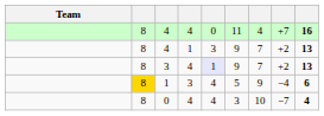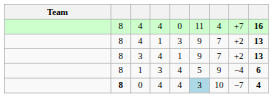 <table class="wikitable" style="text-align: center; font-size: 90%;">
 <tr>
 <th width=165>Team</th>
 <th width=25></th>
 <th width=25></th>
 <th width=25></th>
 <th width=25></th>
 <th width=25></th>
 <th width=25></th>
 <th width=25></th>
 <th width=25></th>
 </tr>
 <tr style="background:#cfc;">
 <td align=left></td>
 <td>8</td>
 <td>4</td>
 <td>4</td>
 <td>0</td>
 <td>11</td>
 <td>4</td>
 <td>+7</td>
 <td><strong>16</strong></td>
 </tr>
 <tr>
 <td align=left></td>
 <td>8</td>
 <td>4</td>
 <td>1</td>
 <td>3</td>
 <td>9</td>
 <td>7</td>
 <td>+2</td>
 <td><strong>13</strong></td>
 </tr>
 <tr>
 <td align=left></td>
 <td>8</td>
 <td>3</td>
 <td>4</td>
-<td style="background: lavender;">1</td>
+<td>1</td>
 <td>9</td>
 <td>7</td>
 <td>+2</td>
 <td><strong>13</strong></td>
 </tr>
 <tr>
 <td align=left></td>
-<td style="background: gold;">8</td>
+<td>8</td>
 <td>1</td>
 <td>3</td>
 <td>4</td>
 <td>5</td>
 <td>9</td>
 <td>−4</td>
 <td><strong>6</strong></td>
 </tr>
 <tr>
 <td align=left></td>
-<td>8</td>
+<td><strong>8</strong></td>
 <td>0</td>
 <td>4</td>
 <td>4</td>
-<td>3</td>
+<td style="background: lightblue;">3</td>
 <td>10</td>
 <td>−7</td>
 <td><strong>4</strong></td>
 </tr>
 </table>
